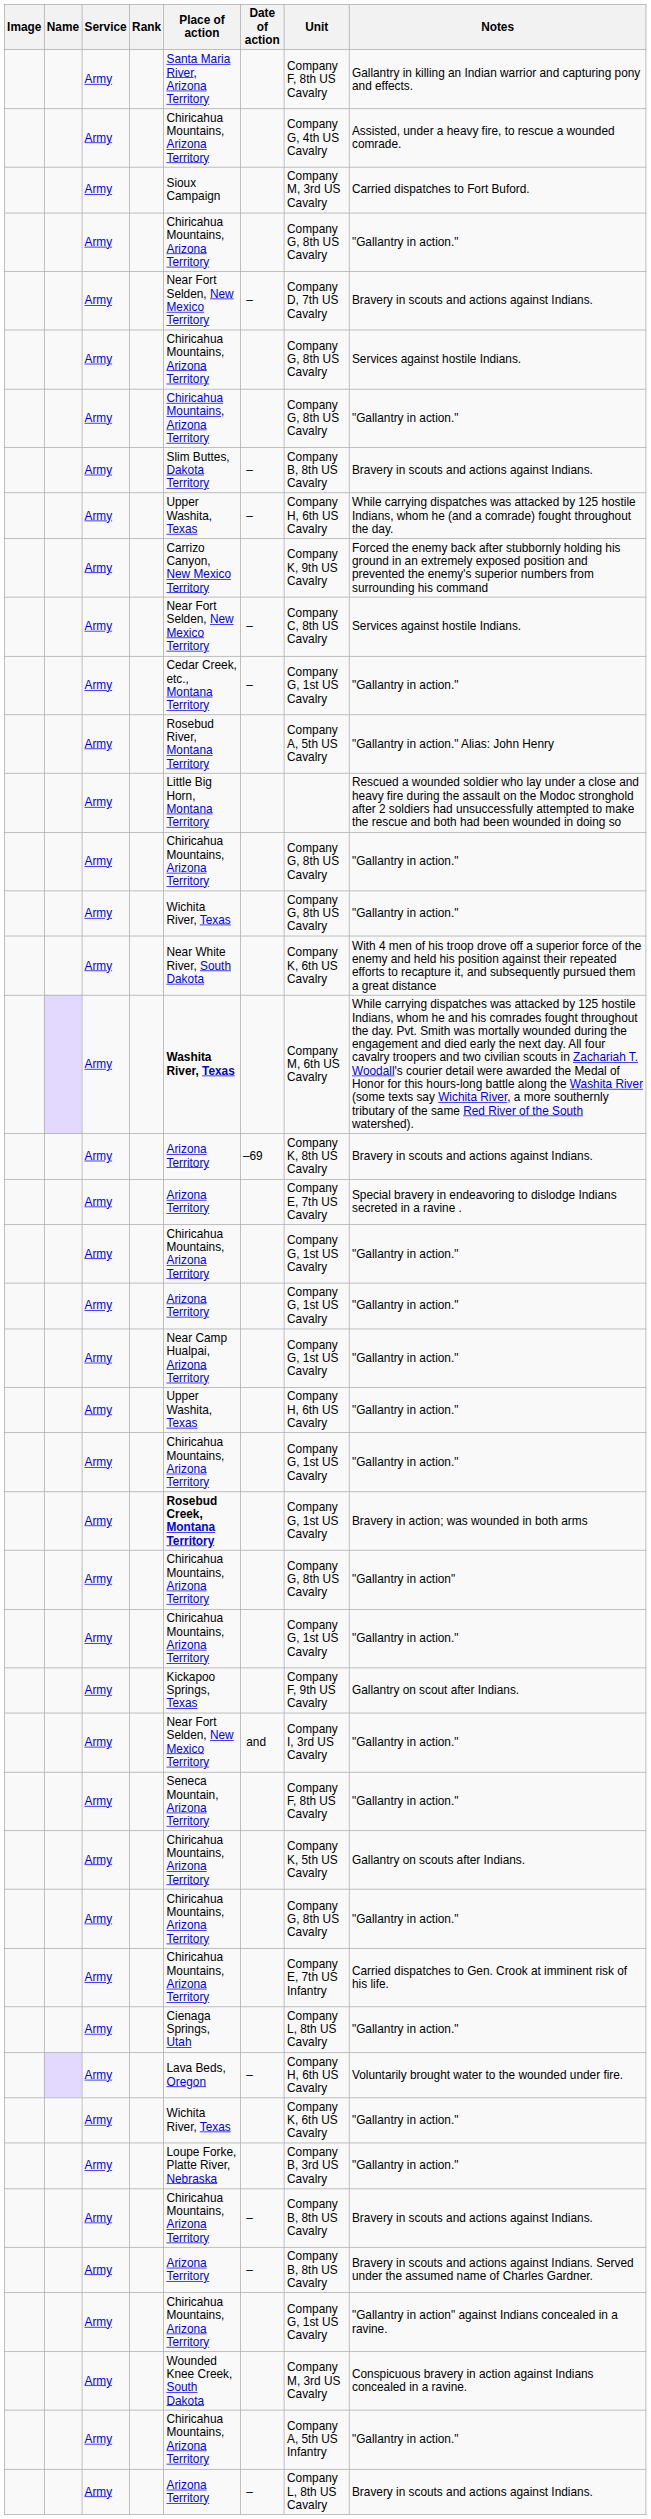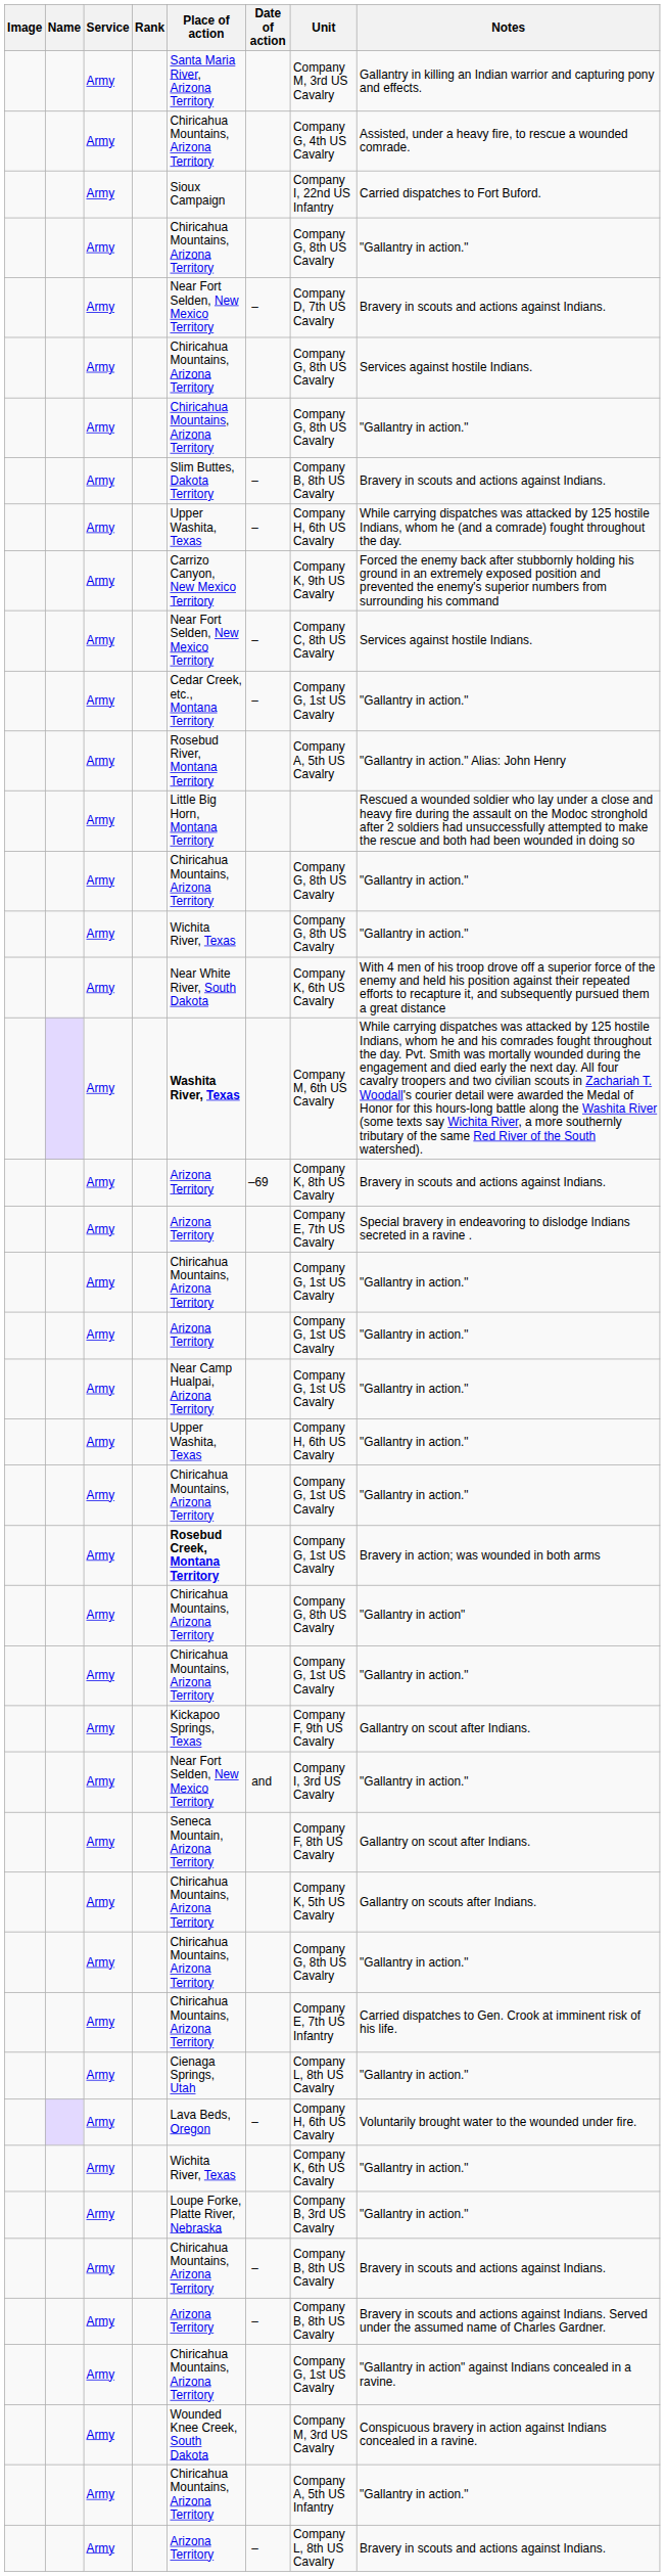 <table class="wikitable sortable">
 <tr>
 <th class="unsortable">Image</th>
 <th>Name</th>
 <th>Service</th>
 <th>Rank</th>
 <th>Place of action</th>
 <th>Date of action</th>
 <th>Unit</th>
 <th class="unsortable">Notes</th>
 </tr>
 <tr>
 <td></td>
 <td></td>
 <td><a href='#'>Army</a></td>
 <td></td>
 <td><a href='#'>Santa Maria River</a>, <a href='#'>Arizona Territory</a></td>
 <td></td>
-<td>Company F, 8th US Cavalry</td>
+<td>Company M, 3rd US Cavalry</td>
 <td>Gallantry in killing an Indian warrior and capturing pony and effects.</td>
 </tr>
 <tr>
 <td></td>
 <td></td>
 <td><a href='#'>Army</a></td>
 <td></td>
 <td>Chiricahua Mountains, <a href='#'>Arizona Territory</a></td>
 <td></td>
 <td>Company G, 4th US Cavalry</td>
 <td>Assisted, under a heavy fire, to rescue a wounded comrade.</td>
 </tr>
 <tr>
 <td></td>
 <td></td>
 <td><a href='#'>Army</a></td>
 <td></td>
 <td>Sioux Campaign</td>
 <td></td>
-<td>Company M, 3rd US Cavalry</td>
+<td>Company I, 22nd US Infantry</td>
 <td>Carried dispatches to Fort Buford.</td>
 </tr>
 <tr>
 <td></td>
 <td></td>
 <td><a href='#'>Army</a></td>
 <td></td>
 <td>Chiricahua Mountains, <a href='#'>Arizona Territory</a></td>
 <td></td>
 <td>Company G, 8th US Cavalry</td>
 <td>"Gallantry in action."</td>
 </tr>
 <tr>
 <td></td>
 <td></td>
 <td><a href='#'>Army</a></td>
 <td></td>
 <td>Near Fort Selden, <a href='#'>New Mexico Territory</a></td>
 <td> – </td>
 <td>Company D, 7th US Cavalry</td>
 <td>Bravery in scouts and actions against Indians.</td>
 </tr>
 <tr>
 <td></td>
 <td></td>
 <td><a href='#'>Army</a></td>
 <td></td>
 <td>Chiricahua Mountains, <a href='#'>Arizona Territory</a></td>
 <td></td>
 <td>Company G, 8th US Cavalry</td>
 <td>Services against hostile Indians.</td>
 </tr>
 <tr>
 <td></td>
 <td></td>
 <td><a href='#'>Army</a></td>
 <td></td>
 <td><a href='#'>Chiricahua Mountains</a>, <a href='#'>Arizona Territory</a></td>
 <td></td>
 <td>Company G, 8th US Cavalry</td>
 <td>"Gallantry in action."</td>
 </tr>
 <tr>
 <td></td>
 <td></td>
 <td><a href='#'>Army</a></td>
 <td></td>
 <td>Slim Buttes, <a href='#'>Dakota Territory</a></td>
 <td> – </td>
 <td>Company B, 8th US Cavalry</td>
 <td>Bravery in scouts and actions against Indians.</td>
 </tr>
 <tr>
 <td></td>
 <td></td>
 <td><a href='#'>Army</a></td>
 <td></td>
 <td>Upper Washita, <a href='#'>Texas</a></td>
 <td> – </td>
 <td>Company H, 6th US Cavalry</td>
 <td>While carrying dispatches was attacked by 125 hostile Indians, whom he (and a comrade) fought throughout the day.</td>
 </tr>
 <tr>
 <td></td>
 <td></td>
 <td><a href='#'>Army</a></td>
 <td></td>
 <td>Carrizo Canyon, <a href='#'>New Mexico Territory</a></td>
 <td></td>
 <td>Company K, 9th US Cavalry</td>
 <td>Forced the enemy back after stubbornly holding his ground in an extremely exposed position and prevented the enemy's superior numbers from surrounding his command</td>
 </tr>
 <tr>
 <td></td>
 <td></td>
 <td><a href='#'>Army</a></td>
 <td></td>
 <td>Near Fort Selden, <a href='#'>New Mexico Territory</a></td>
 <td> – </td>
 <td>Company C, 8th US Cavalry</td>
 <td>Services against hostile Indians.</td>
 </tr>
 <tr>
 <td></td>
 <td></td>
 <td><a href='#'>Army</a></td>
 <td></td>
 <td>Cedar Creek, etc., <a href='#'>Montana Territory</a></td>
 <td> – </td>
 <td>Company G, 1st US Cavalry</td>
 <td>"Gallantry in action."</td>
 </tr>
 <tr>
 <td></td>
 <td></td>
 <td><a href='#'>Army</a></td>
 <td></td>
 <td>Rosebud River, <a href='#'>Montana Territory</a></td>
 <td></td>
 <td>Company A, 5th US Cavalry</td>
 <td>"Gallantry in action." Alias: John Henry</td>
 </tr>
 <tr>
 <td></td>
 <td></td>
 <td><a href='#'>Army</a></td>
 <td></td>
 <td>Little Big Horn, <a href='#'>Montana Territory</a></td>
 <td></td>
 <td></td>
 <td>Rescued a wounded soldier who lay under a close and heavy fire during the assault on the Modoc stronghold after 2 soldiers had unsuccessfully attempted to make the rescue and both had been wounded in doing so</td>
 </tr>
 <tr>
 <td></td>
 <td></td>
 <td><a href='#'>Army</a></td>
 <td></td>
 <td>Chiricahua Mountains, <a href='#'>Arizona Territory</a></td>
 <td></td>
 <td>Company G, 8th US Cavalry</td>
 <td>"Gallantry in action."</td>
 </tr>
 <tr>
 <td></td>
 <td></td>
 <td><a href='#'>Army</a></td>
 <td></td>
 <td>Wichita River, <a href='#'>Texas</a></td>
 <td></td>
 <td>Company G, 8th US Cavalry</td>
 <td>"Gallantry in action."</td>
 </tr>
 <tr>
 <td></td>
 <td></td>
 <td><a href='#'>Army</a></td>
 <td></td>
 <td>Near White River, <a href='#'>South Dakota</a></td>
 <td></td>
 <td>Company K, 6th US Cavalry</td>
 <td>With 4 men of his troop drove off a superior force of the enemy and held his position against their repeated efforts to recapture it, and subsequently pursued them a great distance</td>
 </tr>
 <tr>
 <td></td>
 <td style="background:#e3d9ff;"></td>
 <td><a href='#'>Army</a></td>
 <td></td>
 <td><strong>Washita River, <a href='#'>Texas</a></strong></td>
 <td></td>
 <td>Company M, 6th US Cavalry</td>
 <td>While carrying dispatches was attacked by 125 hostile Indians, whom he and his comrades fought throughout the day. Pvt. Smith was mortally wounded during the engagement and died early the next day.  All four cavalry troopers and two civilian scouts in <a href='#'>Zachariah T. Woodall</a>'s courier detail were awarded the Medal of Honor for this hours-long battle along the <a href='#'>Washita River</a> (some texts say <a href='#'>Wichita River</a>, a more southernly tributary of the same <a href='#'>Red River of the South</a> watershed).</td>
 </tr>
 <tr>
 <td></td>
 <td></td>
 <td><a href='#'>Army</a></td>
 <td></td>
 <td><a href='#'>Arizona Territory</a></td>
 <td>–69</td>
 <td>Company K, 8th US Cavalry</td>
 <td>Bravery in scouts and actions against Indians.</td>
 </tr>
 <tr>
 <td></td>
 <td></td>
 <td><a href='#'>Army</a></td>
 <td></td>
 <td><a href='#'>Arizona Territory</a></td>
 <td></td>
 <td>Company E, 7th US Cavalry</td>
 <td>Special bravery in endeavoring to dislodge Indians secreted in a ravine .</td>
 </tr>
 <tr>
 <td></td>
 <td></td>
 <td><a href='#'>Army</a></td>
 <td></td>
 <td>Chiricahua Mountains, <a href='#'>Arizona Territory</a></td>
 <td></td>
 <td>Company G, 1st US Cavalry</td>
 <td>"Gallantry in action."</td>
 </tr>
 <tr>
 <td></td>
 <td></td>
 <td><a href='#'>Army</a></td>
 <td></td>
 <td><a href='#'>Arizona Territory</a></td>
 <td></td>
 <td>Company G, 1st US Cavalry</td>
 <td>"Gallantry in action."</td>
 </tr>
 <tr>
 <td></td>
 <td></td>
 <td><a href='#'>Army</a></td>
 <td></td>
 <td>Near Camp Hualpai, <a href='#'>Arizona Territory</a></td>
 <td></td>
 <td>Company G, 1st US Cavalry</td>
 <td>"Gallantry in action."</td>
 </tr>
 <tr>
 <td></td>
 <td></td>
 <td><a href='#'>Army</a></td>
 <td></td>
 <td>Upper Washita, <a href='#'>Texas</a></td>
 <td></td>
 <td>Company H, 6th US Cavalry</td>
 <td>"Gallantry in action."</td>
 </tr>
 <tr>
 <td></td>
 <td></td>
 <td><a href='#'>Army</a></td>
 <td></td>
 <td>Chiricahua Mountains, <a href='#'>Arizona Territory</a></td>
 <td></td>
 <td>Company G, 1st US Cavalry</td>
 <td>"Gallantry in action."</td>
 </tr>
 <tr>
 <td></td>
 <td></td>
 <td><a href='#'>Army</a></td>
 <td></td>
 <td><strong>Rosebud Creek, <a href='#'>Montana Territory</a></strong></td>
 <td></td>
 <td>Company G, 1st US Cavalry</td>
 <td>Bravery in action; was wounded in both arms</td>
 </tr>
 <tr>
 <td></td>
 <td></td>
 <td><a href='#'>Army</a></td>
 <td></td>
 <td>Chiricahua Mountains, <a href='#'>Arizona Territory</a></td>
 <td></td>
 <td>Company G, 8th US Cavalry</td>
 <td>"Gallantry in action"</td>
 </tr>
 <tr>
 <td></td>
 <td></td>
 <td><a href='#'>Army</a></td>
 <td></td>
 <td>Chiricahua Mountains, <a href='#'>Arizona Territory</a></td>
 <td></td>
 <td>Company G, 1st US Cavalry</td>
 <td>"Gallantry in action."</td>
 </tr>
 <tr>
 <td></td>
 <td></td>
 <td><a href='#'>Army</a></td>
 <td></td>
 <td>Kickapoo Springs, <a href='#'>Texas</a></td>
 <td></td>
 <td>Company F, 9th US Cavalry</td>
 <td>Gallantry on scout after Indians.</td>
 </tr>
 <tr>
 <td></td>
 <td></td>
 <td><a href='#'>Army</a></td>
 <td></td>
 <td>Near Fort Selden, <a href='#'>New Mexico Territory</a></td>
 <td> and </td>
 <td>Company I, 3rd US Cavalry</td>
 <td>"Gallantry in action."</td>
 </tr>
 <tr>
 <td></td>
 <td></td>
 <td><a href='#'>Army</a></td>
 <td></td>
 <td>Seneca Mountain, <a href='#'>Arizona Territory</a></td>
 <td></td>
 <td>Company F, 8th US Cavalry</td>
-<td>"Gallantry in action."</td>
+<td>Gallantry on scout after Indians.</td>
 </tr>
 <tr>
 <td></td>
 <td></td>
 <td><a href='#'>Army</a></td>
 <td></td>
 <td>Chiricahua Mountains, <a href='#'>Arizona Territory</a></td>
 <td></td>
 <td>Company K, 5th US Cavalry</td>
 <td>Gallantry on scouts after Indians.</td>
 </tr>
 <tr>
 <td></td>
 <td></td>
 <td><a href='#'>Army</a></td>
 <td></td>
 <td>Chiricahua Mountains, <a href='#'>Arizona Territory</a></td>
 <td></td>
 <td>Company G, 8th US Cavalry</td>
 <td>"Gallantry in action."</td>
 </tr>
 <tr>
 <td></td>
 <td></td>
 <td><a href='#'>Army</a></td>
 <td></td>
 <td>Chiricahua Mountains, <a href='#'>Arizona Territory</a></td>
 <td></td>
 <td>Company E, 7th US Infantry</td>
 <td>Carried dispatches to Gen. Crook at imminent risk of his life.</td>
 </tr>
 <tr>
 <td></td>
 <td></td>
 <td><a href='#'>Army</a></td>
 <td></td>
 <td>Cienaga Springs, <a href='#'>Utah</a></td>
 <td></td>
 <td>Company L, 8th US Cavalry</td>
 <td>"Gallantry in action."</td>
 </tr>
 <tr>
 <td></td>
 <td style="background:#e3d9ff;"></td>
 <td><a href='#'>Army</a></td>
 <td></td>
 <td>Lava Beds, <a href='#'>Oregon</a></td>
 <td> – </td>
 <td>Company H, 6th US Cavalry</td>
 <td>Voluntarily brought water to the wounded under fire.</td>
 </tr>
 <tr>
 <td></td>
 <td></td>
 <td><a href='#'>Army</a></td>
 <td></td>
 <td>Wichita River, <a href='#'>Texas</a></td>
 <td></td>
 <td>Company K, 6th US Cavalry</td>
 <td>"Gallantry in action."</td>
 </tr>
 <tr>
 <td></td>
 <td></td>
 <td><a href='#'>Army</a></td>
 <td></td>
 <td>Loupe Forke, Platte River, <a href='#'>Nebraska</a></td>
 <td></td>
 <td>Company B, 3rd US Cavalry</td>
 <td>"Gallantry in action."</td>
 </tr>
 <tr>
 <td></td>
 <td></td>
 <td><a href='#'>Army</a></td>
 <td></td>
 <td>Chiricahua Mountains, <a href='#'>Arizona Territory</a></td>
 <td> – </td>
 <td>Company B, 8th US Cavalry</td>
 <td>Bravery in scouts and actions against Indians.</td>
 </tr>
 <tr>
 <td></td>
 <td></td>
 <td><a href='#'>Army</a></td>
 <td></td>
 <td><a href='#'>Arizona Territory</a></td>
 <td> – </td>
 <td>Company B, 8th US Cavalry</td>
 <td>Bravery in scouts and actions against Indians. Served under the assumed name of Charles Gardner.</td>
 </tr>
 <tr>
 <td></td>
 <td></td>
 <td><a href='#'>Army</a></td>
 <td></td>
 <td>Chiricahua Mountains, <a href='#'>Arizona Territory</a></td>
 <td></td>
 <td>Company G, 1st US Cavalry</td>
 <td>"Gallantry in action" against Indians concealed in a ravine.</td>
 </tr>
 <tr>
 <td></td>
 <td></td>
 <td><a href='#'>Army</a></td>
 <td></td>
 <td>Wounded Knee Creek, <a href='#'>South Dakota</a></td>
 <td></td>
 <td>Company M, 3rd US Cavalry</td>
 <td>Conspicuous bravery in action against Indians concealed in a ravine.</td>
 </tr>
 <tr>
 <td></td>
 <td></td>
 <td><a href='#'>Army</a></td>
 <td></td>
 <td>Chiricahua Mountains, <a href='#'>Arizona Territory</a></td>
 <td></td>
 <td>Company A, 5th US Infantry</td>
 <td>"Gallantry in action."</td>
 </tr>
 <tr>
 <td></td>
 <td></td>
 <td><a href='#'>Army</a></td>
 <td></td>
 <td><a href='#'>Arizona Territory</a></td>
 <td> – </td>
 <td>Company L, 8th US Cavalry</td>
 <td>Bravery in scouts and actions against Indians.</td>
 </tr>
 </table>
